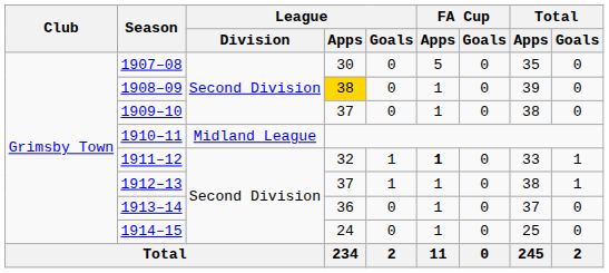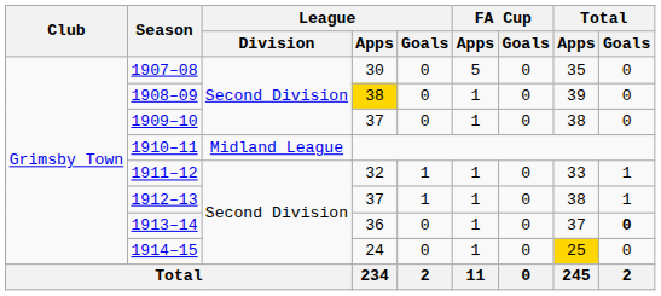 <table class="wikitable" style="text-align: center;">
 <tr>
 <th rowspan="2">Club</th>
 <th rowspan="2">Season</th>
 <th colspan="3">League</th>
 <th colspan="2">FA Cup</th>
 <th colspan="2">Total</th>
 </tr>
 <tr>
 <th>Division</th>
 <th>Apps</th>
 <th>Goals</th>
 <th>Apps</th>
 <th>Goals</th>
 <th>Apps</th>
 <th>Goals</th>
 </tr>
 <tr>
 <td rowspan="8"><a href='#'>Grimsby Town</a></td>
 <td><a href='#'>1907–08</a></td>
 <td rowspan="3"><a href='#'>Second Division</a></td>
 <td>30</td>
 <td>0</td>
 <td>5</td>
 <td>0</td>
 <td>35</td>
 <td>0</td>
 </tr>
 <tr>
 <td><a href='#'>1908–09</a></td>
 <td style="background: gold;">38</td>
 <td>0</td>
 <td>1</td>
 <td>0</td>
 <td>39</td>
 <td>0</td>
 </tr>
 <tr>
 <td><a href='#'>1909–10</a></td>
 <td>37</td>
 <td>0</td>
 <td>1</td>
 <td>0</td>
 <td>38</td>
 <td>0</td>
 </tr>
 <tr>
 <td><a href='#'>1910–11</a></td>
 <td><a href='#'>Midland League</a></td>
 </tr>
 <tr>
 <td><a href='#'>1911–12</a></td>
 <td rowspan="4">Second Division</td>
 <td>32</td>
 <td>1</td>
-<td><strong>1</strong></td>
+<td>1</td>
 <td>0</td>
 <td>33</td>
 <td>1</td>
 </tr>
 <tr>
 <td><a href='#'>1912–13</a></td>
 <td>37</td>
 <td>1</td>
 <td>1</td>
 <td>0</td>
 <td>38</td>
 <td>1</td>
 </tr>
 <tr>
 <td><a href='#'>1913–14</a></td>
 <td>36</td>
 <td>0</td>
 <td>1</td>
 <td>0</td>
 <td>37</td>
-<td>0</td>
+<td><strong>0</strong></td>
 </tr>
 <tr>
 <td><a href='#'>1914–15</a></td>
 <td>24</td>
 <td>0</td>
 <td>1</td>
 <td>0</td>
-<td>25</td>
+<td style="background: gold;">25</td>
 <td>0</td>
 </tr>
 <tr>
 <th colspan="3">Total</th>
 <th>234</th>
 <th>2</th>
 <th>11</th>
 <th>0</th>
 <th>245</th>
 <th>2</th>
 </tr>
 </table>
